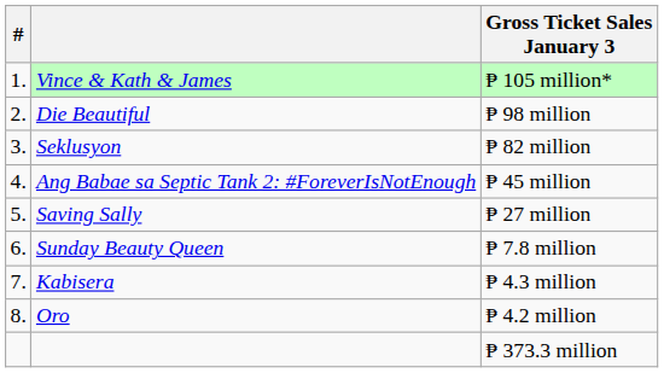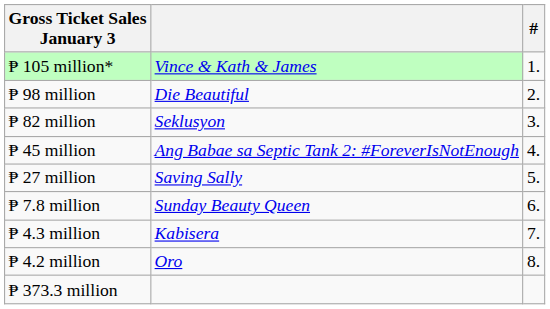 <table class="wikitable sortable" style="text align: center">
 <tr bgcolor="#efefef">
+<th>Gross Ticket Sales<br>January 3</th>
+<th></th>
 <th>#</th>
-<th></th>
-<th>Gross Ticket Sales<br>January 3</th>
 </tr>
 <tr>
+<td data-sort-value="1" style="background:#BFFFC0;">₱ 105 million*</td>
+<td style="background:#BFFFC0;"><em><a href='#'>Vince & Kath & James</a></em></td>
 <td>1.</td>
-<td style="background:#BFFFC0;"><em><a href='#'>Vince & Kath & James</a></em></td>
-<td data-sort-value="1" style="background:#BFFFC0;">₱ 105 million*</td>
 </tr>
 <tr>
+<td data-sort-value="2">₱ 98 million</td>
+<td><em><a href='#'>Die Beautiful</a></em></td>
 <td>2.</td>
-<td><em><a href='#'>Die Beautiful</a></em></td>
-<td data-sort-value="2">₱ 98 million</td>
 </tr>
 <tr>
+<td data-sort-value="3">₱ 82 million</td>
+<td><em><a href='#'>Seklusyon</a></em></td>
 <td>3.</td>
-<td><em><a href='#'>Seklusyon</a></em></td>
-<td data-sort-value="3">₱ 82 million</td>
 </tr>
 <tr>
+<td data-sort-value="4">₱ 45 million</td>
+<td><em><a href='#'>Ang Babae sa Septic Tank 2: #ForeverIsNotEnough</a></em></td>
 <td>4.</td>
-<td><em><a href='#'>Ang Babae sa Septic Tank 2: #ForeverIsNotEnough</a></em></td>
-<td data-sort-value="4">₱ 45 million</td>
 </tr>
 <tr>
+<td data-sort-value="5">₱ 27 million</td>
+<td><em><a href='#'>Saving Sally</a></em></td>
 <td>5.</td>
-<td><em><a href='#'>Saving Sally</a></em></td>
-<td data-sort-value="5">₱ 27 million</td>
 </tr>
 <tr>
+<td data-sort-value="6">₱ 7.8 million</td>
+<td><em><a href='#'>Sunday Beauty Queen</a></em></td>
 <td>6.</td>
-<td><em><a href='#'>Sunday Beauty Queen</a></em></td>
-<td data-sort-value="6">₱ 7.8 million</td>
 </tr>
 <tr>
+<td data-sort-value="7">₱ 4.3 million</td>
+<td><em><a href='#'>Kabisera</a></em></td>
 <td>7.</td>
-<td><em><a href='#'>Kabisera</a></em></td>
-<td data-sort-value="7">₱ 4.3 million</td>
 </tr>
 <tr>
+<td data-sort-value="8">₱ 4.2 million</td>
+<td><em><a href='#'>Oro</a></em></td>
 <td>8.</td>
-<td><em><a href='#'>Oro</a></em></td>
-<td data-sort-value="8">₱ 4.2 million</td>
 </tr>
 <tr>
+<td>₱ 373.3 million</td>
+<td><strong></strong></td>
 <td></td>
-<td><strong></strong></td>
-<td>₱ 373.3 million</td>
 </tr>
 </table>
